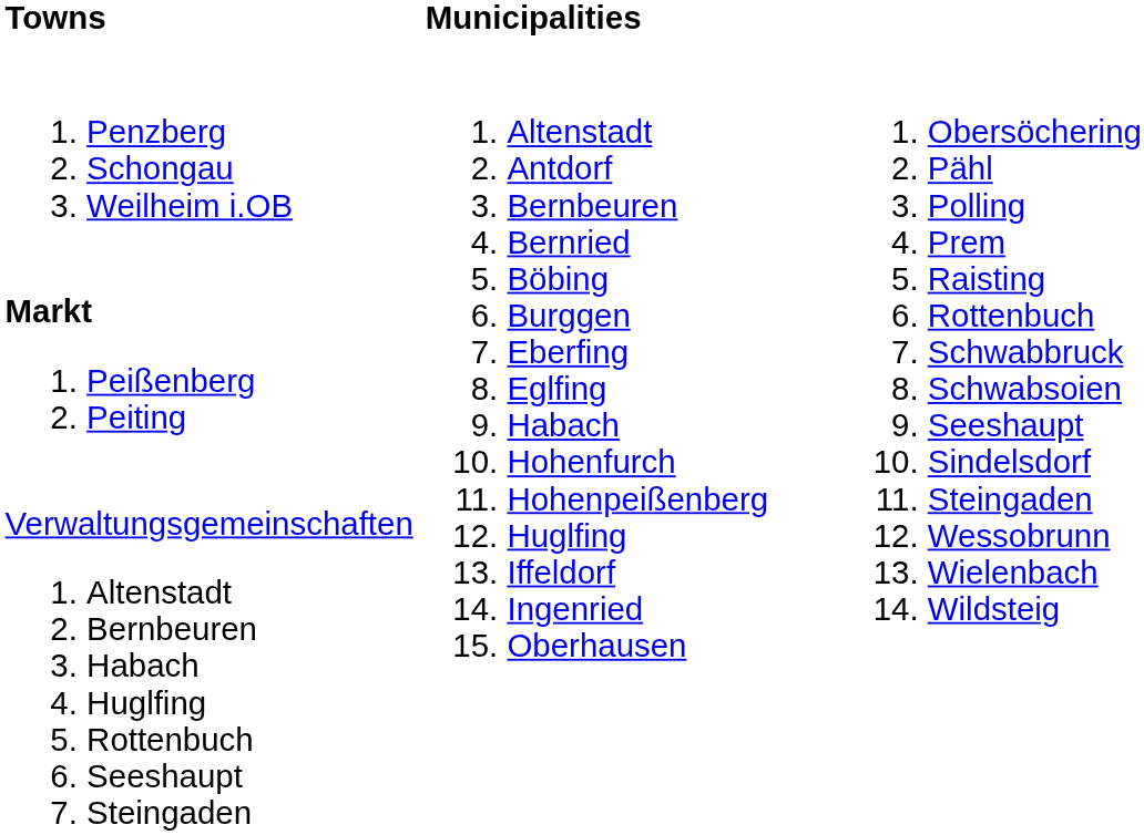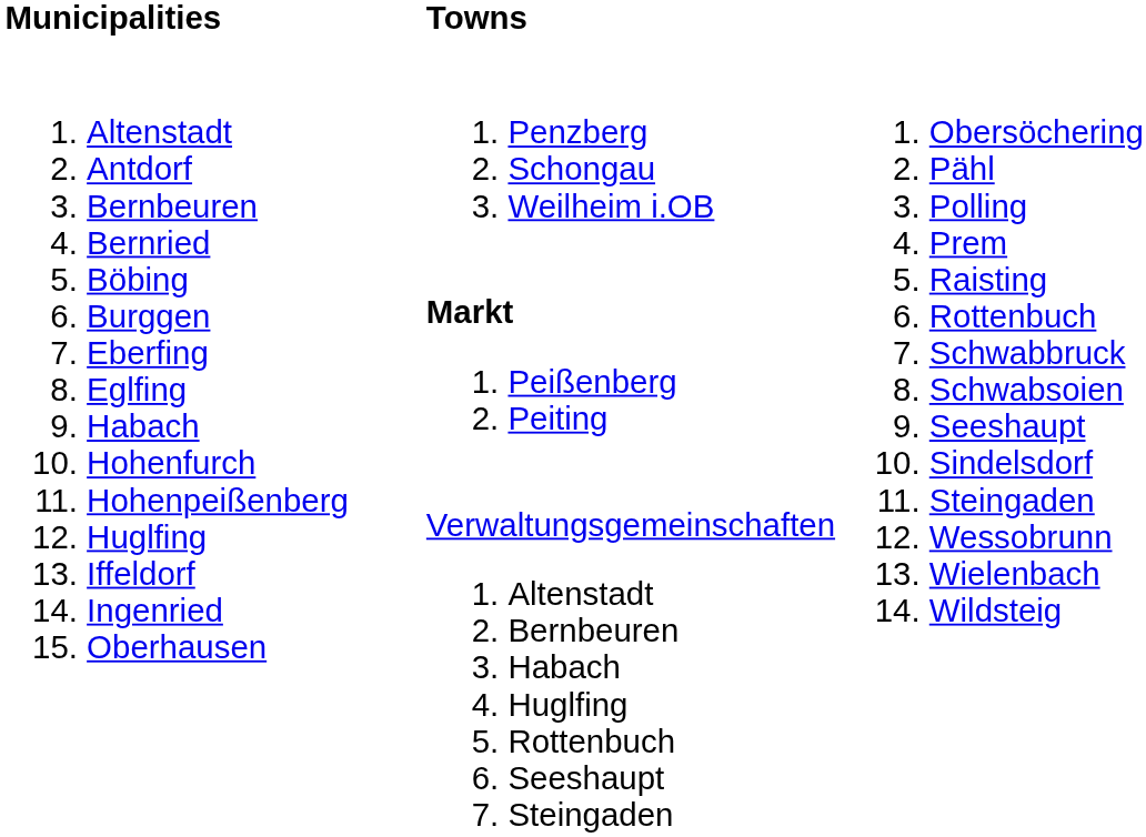 <table>
 <tr>
+<th width=33% align=left>Municipalities</th>
 <th width=33% align=left>Towns</th>
-<th width=33% align=left>Municipalities</th>
 <th width=33% align=left></th>
 </tr>
 <tr valign=top>
+<td><br><ol><li><a href='#'>Altenstadt</a></li><li><a href='#'>Antdorf</a></li><li><a href='#'>Bernbeuren</a></li><li><a href='#'>Bernried</a></li><li><a href='#'>Böbing</a></li><li><a href='#'>Burggen</a></li><li><a href='#'>Eberfing</a></li><li><a href='#'>Eglfing</a></li><li><a href='#'>Habach</a></li><li><a href='#'>Hohenfurch</a></li><li><a href='#'>Hohenpeißenberg</a></li><li><a href='#'>Huglfing</a></li><li><a href='#'>Iffeldorf</a></li><li><a href='#'>Ingenried</a></li><li><a href='#'>Oberhausen</a></li></ol></td>
 <td><br><ol><li><a href='#'>Penzberg</a></li><li><a href='#'>Schongau</a></li><li><a href='#'>Weilheim i.OB</a></li></ol><br> <strong>Markt</strong><ol><li><a href='#'>Peißenberg</a></li><li><a href='#'>Peiting</a></li></ol><br> <a href='#'>Verwaltungsgemeinschaften</a><ol><li>Altenstadt</li><li>Bernbeuren</li><li>Habach</li><li>Huglfing</li><li>Rottenbuch</li><li>Seeshaupt</li><li>Steingaden</li></ol></td>
-<td><br><ol><li><a href='#'>Altenstadt</a></li><li><a href='#'>Antdorf</a></li><li><a href='#'>Bernbeuren</a></li><li><a href='#'>Bernried</a></li><li><a href='#'>Böbing</a></li><li><a href='#'>Burggen</a></li><li><a href='#'>Eberfing</a></li><li><a href='#'>Eglfing</a></li><li><a href='#'>Habach</a></li><li><a href='#'>Hohenfurch</a></li><li><a href='#'>Hohenpeißenberg</a></li><li><a href='#'>Huglfing</a></li><li><a href='#'>Iffeldorf</a></li><li><a href='#'>Ingenried</a></li><li><a href='#'>Oberhausen</a></li></ol></td>
 <td><ol><br><li> <a href='#'>Obersöchering</a> <li> <a href='#'>Pähl</a> <li> <a href='#'>Polling</a> <li> <a href='#'>Prem</a> <li> <a href='#'>Raisting</a> <li> <a href='#'>Rottenbuch</a> <li> <a href='#'>Schwabbruck</a> <li> <a href='#'>Schwabsoien</a> <li> <a href='#'>Seeshaupt</a> <li> <a href='#'>Sindelsdorf</a> <li> <a href='#'>Steingaden</a> <li> <a href='#'>Wessobrunn</a> <li> <a href='#'>Wielenbach</a> <li> <a href='#'>Wildsteig</a> </ol></td>
 </tr>
 </table>
